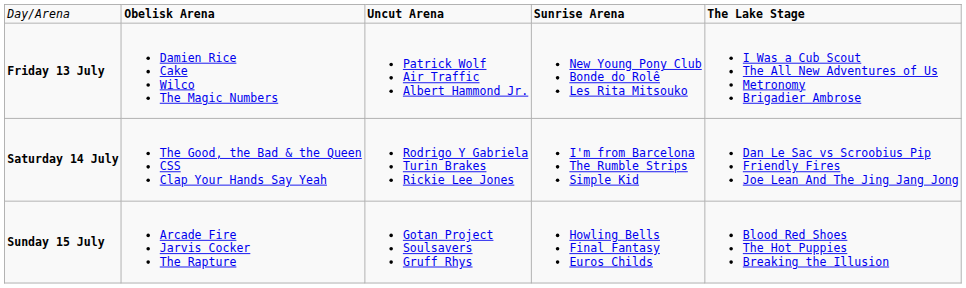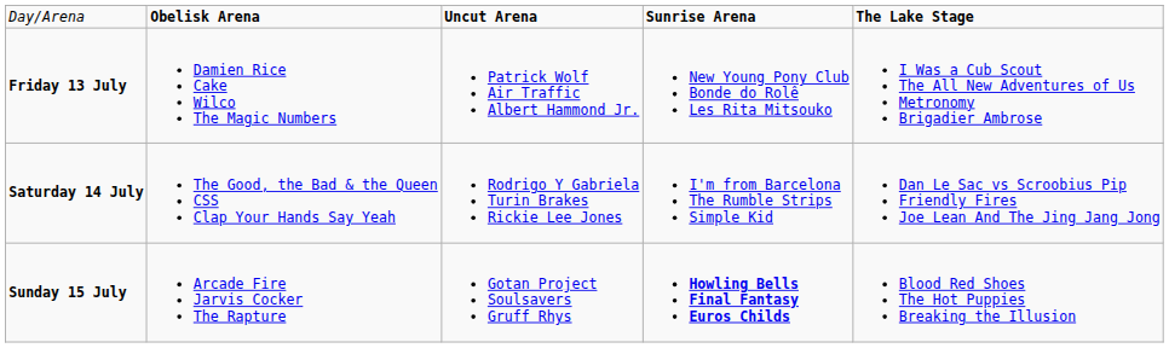 <table class="wikitable">
 <tr>
 <td><em>Day/Arena</em></td>
 <td><strong>Obelisk Arena</strong></td>
 <td><strong>Uncut Arena</strong></td>
 <td><strong>Sunrise Arena</strong></td>
 <td><strong>The Lake Stage</strong></td>
 </tr>
 <tr>
 <td><strong>Friday 13 July</strong></td>
 <td><br><ul><li><a href='#'>Damien Rice</a></li><li><a href='#'>Cake</a></li><li><a href='#'>Wilco</a></li><li><a href='#'>The Magic Numbers</a></li></ul></td>
 <td><br><ul><li><a href='#'>Patrick Wolf</a></li><li><a href='#'>Air Traffic</a></li><li><a href='#'>Albert Hammond Jr.</a></li></ul></td>
 <td><br><ul><li><a href='#'>New Young Pony Club</a></li><li><a href='#'>Bonde do Rolê</a></li><li><a href='#'>Les Rita Mitsouko</a></li></ul></td>
 <td><br><ul><li><a href='#'>I Was a Cub Scout</a></li><li><a href='#'>The All New Adventures of Us</a></li><li><a href='#'>Metronomy</a></li><li><a href='#'>Brigadier Ambrose</a></li></ul></td>
 </tr>
 <tr>
 <td><strong>Saturday 14 July</strong></td>
 <td><br><ul><li><a href='#'>The Good, the Bad & the Queen</a></li><li><a href='#'>CSS</a></li><li><a href='#'>Clap Your Hands Say Yeah</a></li></ul></td>
 <td><br><ul><li><a href='#'>Rodrigo Y Gabriela</a></li><li><a href='#'>Turin Brakes</a></li><li><a href='#'>Rickie Lee Jones</a></li></ul></td>
 <td><br><ul><li><a href='#'>I'm from Barcelona</a></li><li><a href='#'>The Rumble Strips</a></li><li><a href='#'>Simple Kid</a></li></ul></td>
 <td><br><ul><li><a href='#'>Dan Le Sac vs Scroobius Pip</a></li><li><a href='#'>Friendly Fires</a></li><li><a href='#'>Joe Lean And The Jing Jang Jong</a></li></ul></td>
 </tr>
 <tr>
 <td><strong>Sunday 15 July</strong></td>
 <td><br><ul><li><a href='#'>Arcade Fire</a></li><li><a href='#'>Jarvis Cocker</a></li><li><a href='#'>The Rapture</a></li></ul></td>
 <td><br><ul><li><a href='#'>Gotan Project</a></li><li><a href='#'>Soulsavers</a></li><li><a href='#'>Gruff Rhys</a></li></ul></td>
-<td><br><ul><li><a href='#'>Howling Bells</a></li><li><a href='#'>Final Fantasy</a></li><li><a href='#'>Euros Childs</a></li></ul></td>
+<td><strong><br><ul><li><a href='#'>Howling Bells</a></li><li><a href='#'>Final Fantasy</a></li><li><a href='#'>Euros Childs</a></li></ul></strong></td>
 <td><br><ul><li><a href='#'>Blood Red Shoes</a></li><li><a href='#'>The Hot Puppies</a></li><li><a href='#'>Breaking the Illusion</a></li></ul></td>
 </tr>
 </table>
